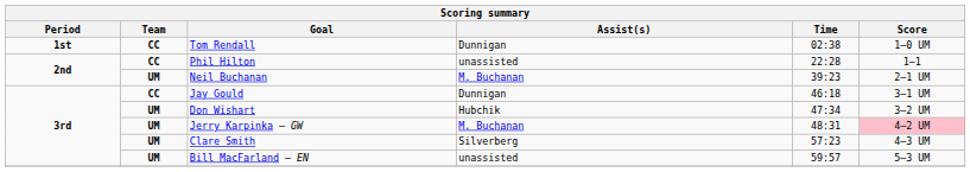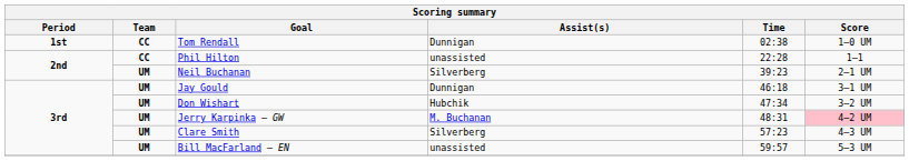 <table style="width:100%;" class="wikitable">
 <tr>
 <th colspan=6>Scoring summary</th>
 </tr>
 <tr>
 <th style="width:12%;">Period</th>
 <th style="width:7%;">Team</th>
 <th style="width:28%;">Goal</th>
 <th style="width:35%;">Assist(s)</th>
 <th style="width:7%;">Time</th>
 <th style="width:11%;">Score</th>
 </tr>
 <tr>
 <td style="text-align:center;" rowspan="1"><strong>1st</strong></td>
 <td align=center><strong>CC</strong></td>
 <td><a href='#'>Tom Rendall</a></td>
 <td>Dunnigan</td>
 <td align=center>02:38</td>
 <td align=center>1–0 UM</td>
 </tr>
 <tr>
 <td style="text-align:center;" rowspan="2"><strong>2nd</strong></td>
 <td align=center><strong>CC</strong></td>
 <td><a href='#'>Phil Hilton</a></td>
 <td>unassisted</td>
 <td align=center>22:28</td>
 <td align=center>1–1</td>
 </tr>
 <tr>
 <td align=center><strong>UM</strong></td>
 <td><a href='#'>Neil Buchanan</a></td>
-<td><a href='#'>M. Buchanan</a></td>
+<td>Silverberg</td>
 <td align=center>39:23</td>
 <td align=center>2–1 UM</td>
 </tr>
 <tr>
 <td style="text-align:center;" rowspan="5"><strong>3rd</strong></td>
-<td align=center><strong>CC</strong></td>
+<td align=center><strong>UM</strong></td>
 <td><a href='#'>Jay Gould</a></td>
 <td>Dunnigan</td>
 <td align=center>46:18</td>
 <td align=center>3–1 UM</td>
 </tr>
 <tr>
 <td align=center><strong>UM</strong></td>
 <td><a href='#'>Don Wishart</a></td>
 <td>Hubchik</td>
 <td align=center>47:34</td>
 <td align=center>3–2 UM</td>
 </tr>
 <tr>
 <td align=center><strong>UM</strong></td>
 <td><a href='#'>Jerry Karpinka</a> – <em>GW</em></td>
 <td><a href='#'>M. Buchanan</a></td>
 <td align=center>48:31</td>
 <td align=center style="background: pink;">4–2 UM</td>
 </tr>
 <tr>
 <td align=center><strong>UM</strong></td>
 <td><a href='#'>Clare Smith</a></td>
 <td>Silverberg</td>
 <td align=center>57:23</td>
 <td align=center>4–3 UM</td>
 </tr>
 <tr>
 <td align=center><strong>UM</strong></td>
 <td><a href='#'>Bill MacFarland</a> – <em>EN</em></td>
 <td>unassisted</td>
 <td align=center>59:57</td>
 <td align=center>5–3 UM</td>
 </tr>
 <tr>
 </tr>
 </table>
